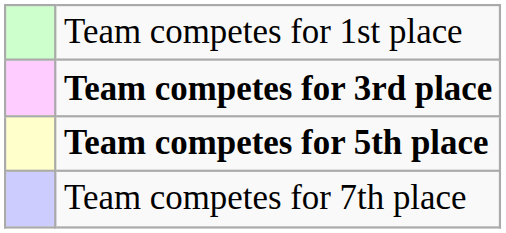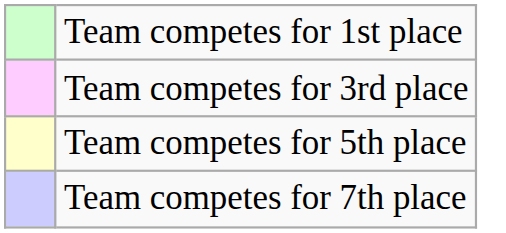 <table class="wikitable">
 <tr>
 <td style="background:#cfc">    </td>
 <td>Team competes for 1st place</td>
 </tr>
 <tr>
 <td style="background:#fcf;">    </td>
-<td><strong>Team competes for 3rd place</strong></td>
+<td>Team competes for 3rd place</td>
 </tr>
 <tr>
 <td style="background:#ffc">    </td>
-<td><strong>Team competes for 5th place</strong></td>
+<td>Team competes for 5th place</td>
 </tr>
 <tr>
 <td style="background:#ccf;">    </td>
 <td>Team competes for 7th place</td>
 </tr>
 </table>
